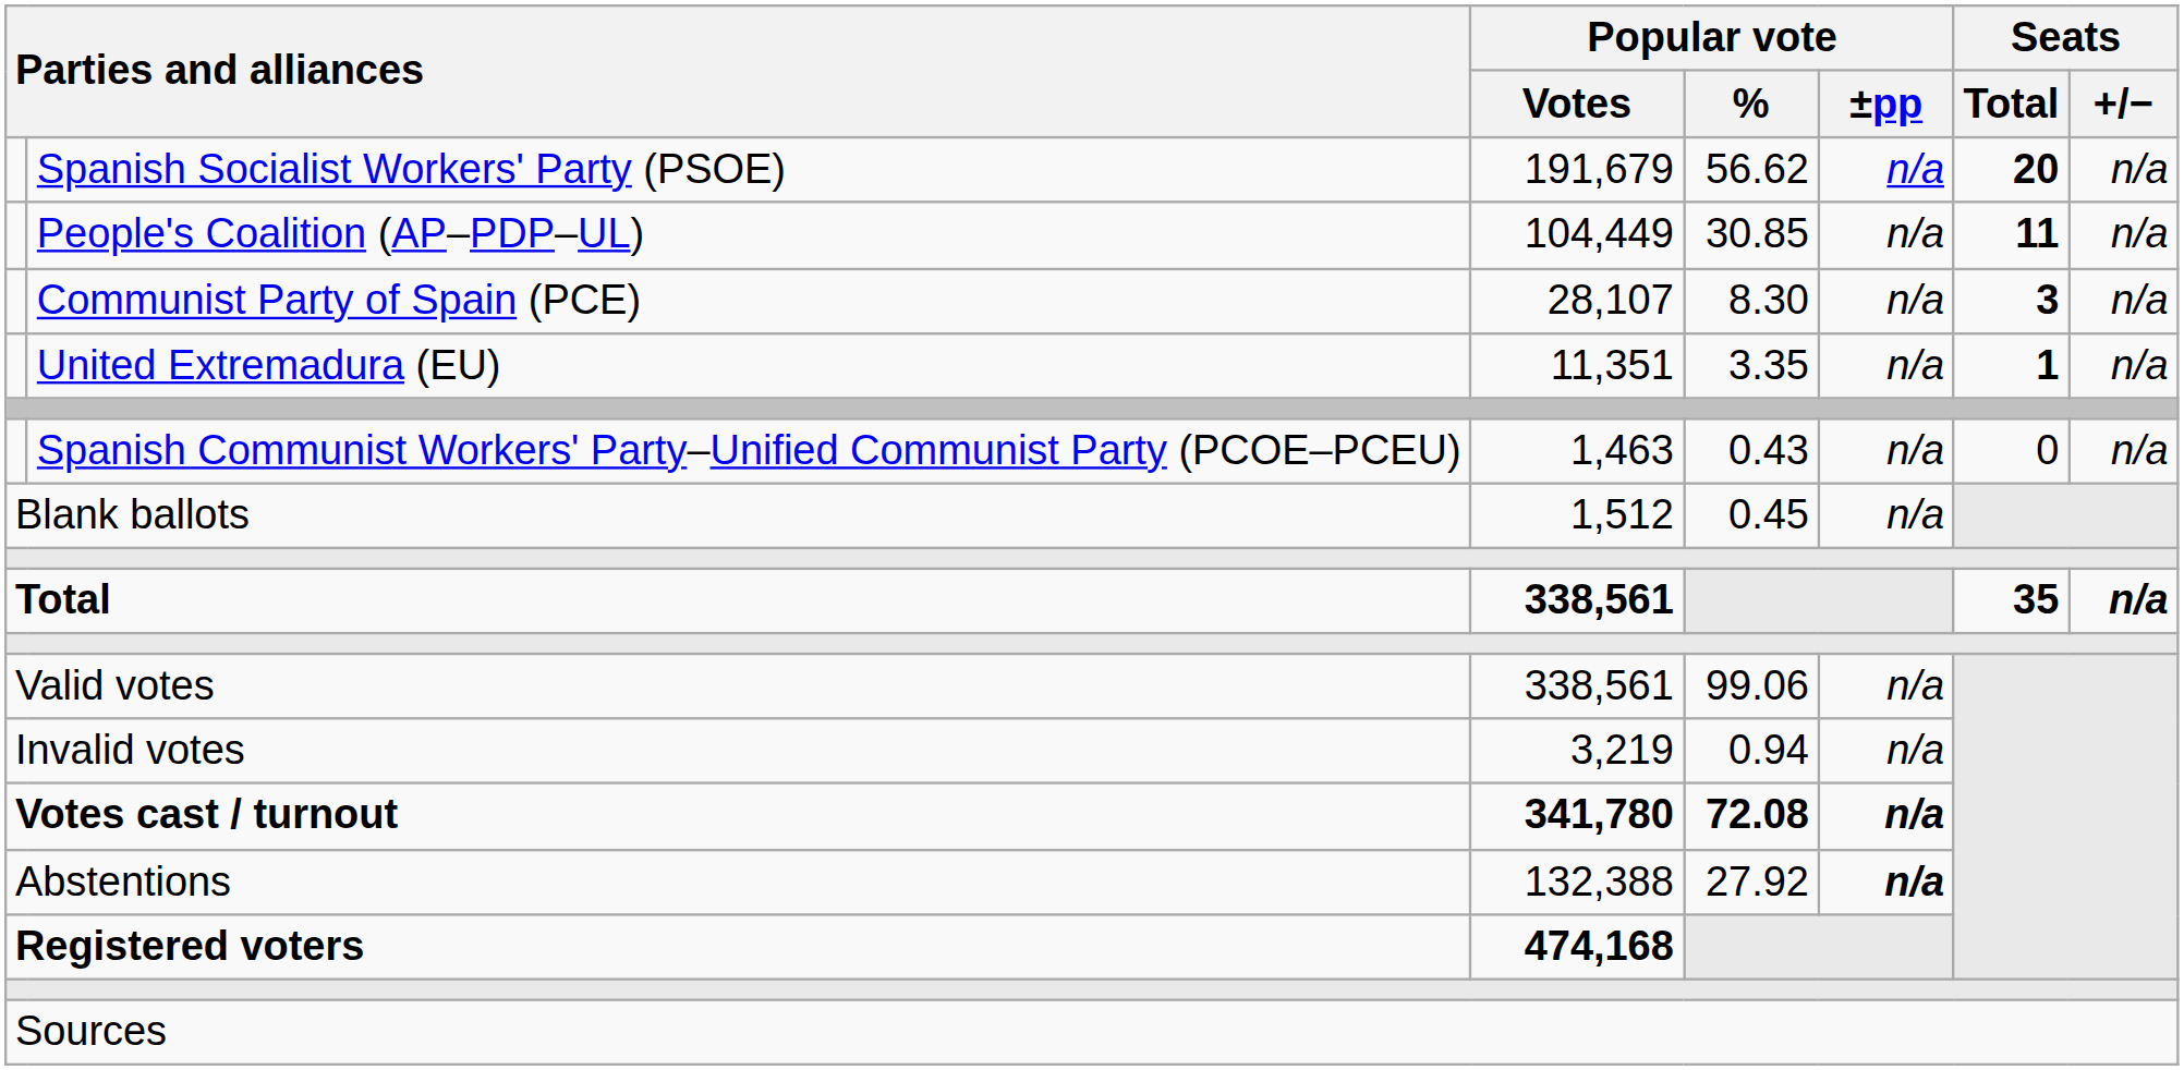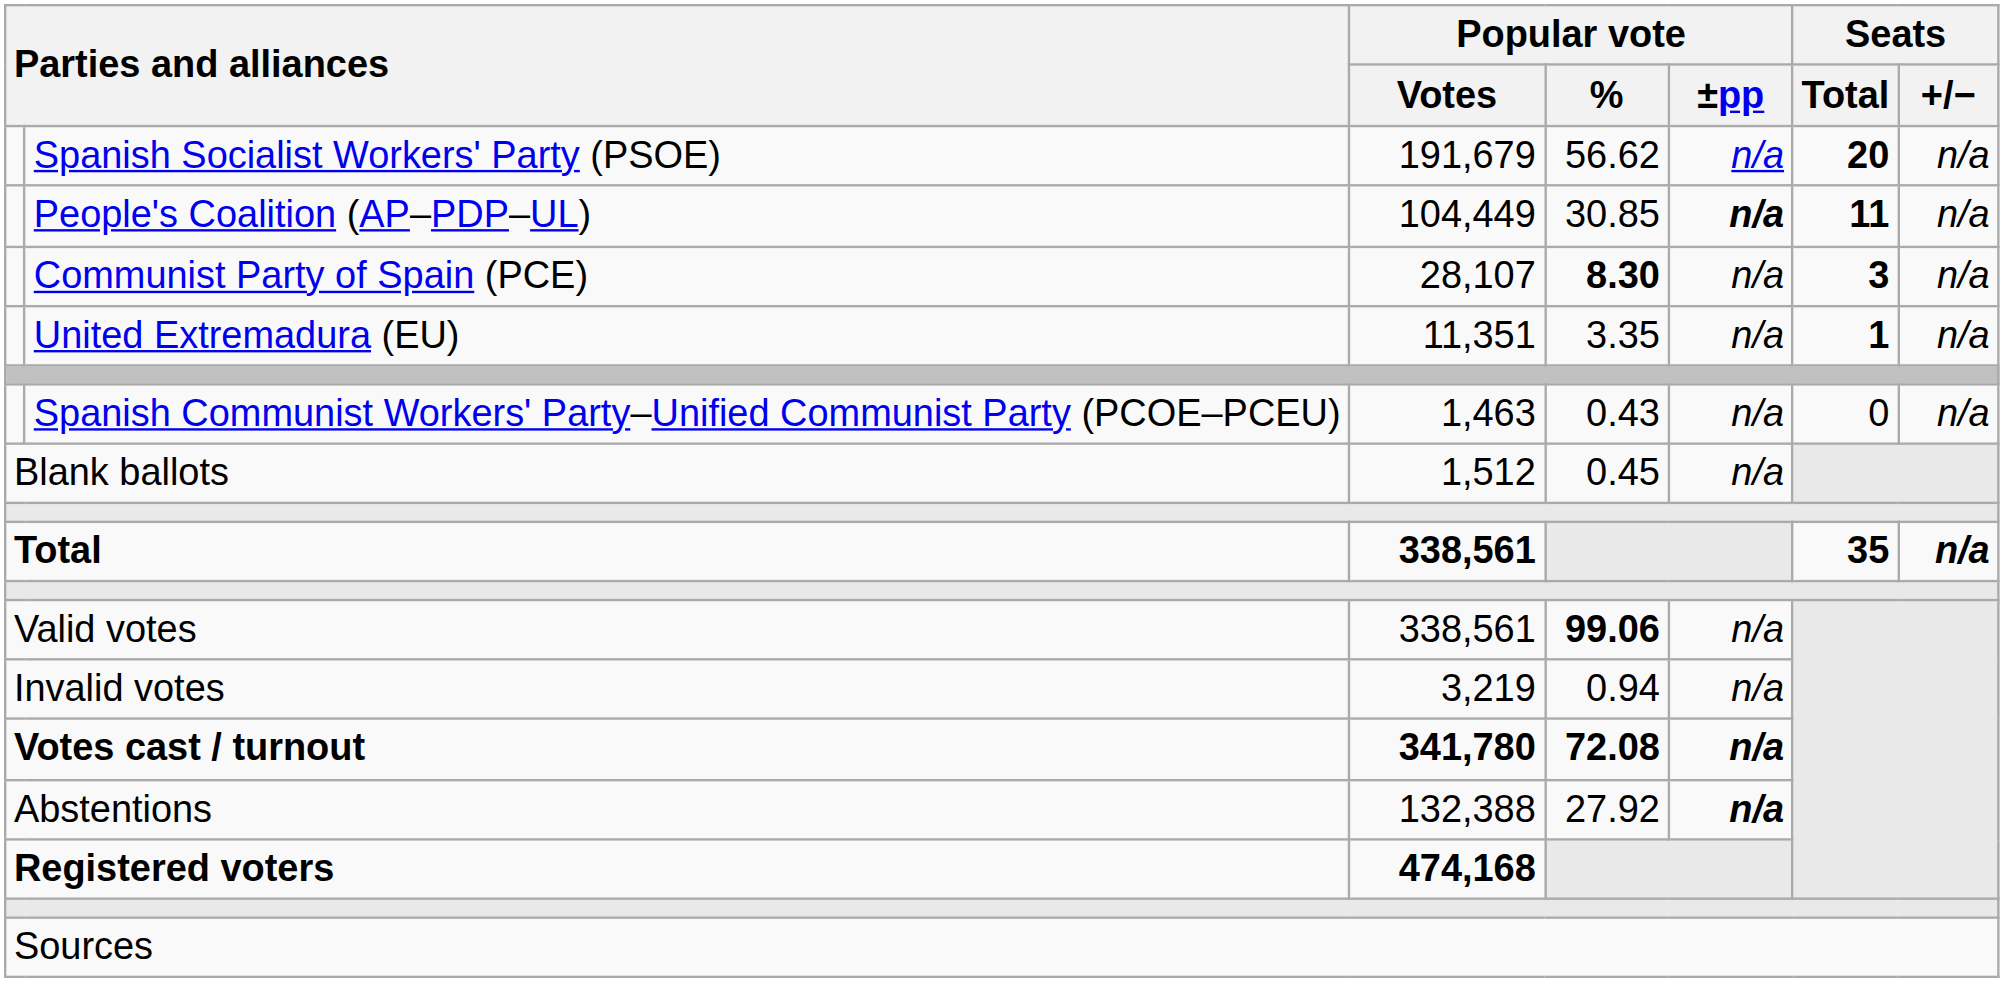 <table class="wikitable" style="text-align:right;">
 <tr>
 <th style="text-align:left;" rowspan="2" colspan="2" width="525">Parties and alliances</th>
 <th colspan="3">Popular vote</th>
 <th colspan="2">Seats</th>
 </tr>
 <tr>
 <th width="75">Votes</th>
 <th width="45">%</th>
 <th width="45">±<a href='#'>pp</a></th>
 <th width="35">Total</th>
 <th width="35">+/−</th>
 </tr>
 <tr>
 <td width="1" style="color:inherit;background:"></td>
 <td align="left"><a href='#'>Spanish Socialist Workers' Party</a> (PSOE)</td>
 <td>191,679</td>
 <td>56.62</td>
 <td><em><a href='#'>n/a</a></em></td>
 <td><strong>20</strong></td>
 <td><em>n/a</em></td>
 </tr>
 <tr>
 <td style="color:inherit;background:"></td>
 <td align="left"><a href='#'>People's Coalition</a> (<a href='#'>AP</a>–<a href='#'>PDP</a>–<a href='#'>UL</a>)</td>
 <td>104,449</td>
 <td>30.85</td>
-<td><em>n/a</em></td>
+<td><strong><em>n/a</em></strong></td>
 <td><strong>11</strong></td>
 <td><em>n/a</em></td>
 </tr>
 <tr>
 <td style="color:inherit;background:"></td>
 <td align="left"><a href='#'>Communist Party of Spain</a> (PCE)</td>
 <td>28,107</td>
-<td>8.30</td>
+<td><strong>8.30</strong></td>
 <td><em>n/a</em></td>
 <td><strong>3</strong></td>
 <td><em>n/a</em></td>
 </tr>
 <tr>
 <td style="color:inherit;background:"></td>
 <td align="left"><a href='#'>United Extremadura</a> (EU)</td>
 <td>11,351</td>
 <td>3.35</td>
 <td><em>n/a</em></td>
 <td><strong>1</strong></td>
 <td><em>n/a</em></td>
 </tr>
 <tr>
 <td colspan="7" bgcolor="#C0C0C0"></td>
 </tr>
 <tr>
 <td style="color:inherit;background:"></td>
 <td align="left"><a href='#'>Spanish Communist Workers' Party</a>–<a href='#'>Unified Communist Party</a> (PCOE–PCEU)</td>
 <td>1,463</td>
 <td>0.43</td>
 <td><em>n/a</em></td>
 <td>0</td>
 <td><em>n/a</em></td>
 </tr>
 <tr>
 <td align="left" colspan="2">Blank ballots</td>
 <td>1,512</td>
 <td>0.45</td>
 <td><em>n/a</em></td>
 <td bgcolor="#E9E9E9" colspan="2"></td>
 </tr>
 <tr>
 <td colspan="7" bgcolor="#E9E9E9"></td>
 </tr>
 <tr style="font-weight:bold;">
 <td align="left" colspan="2">Total</td>
 <td>338,561</td>
 <td bgcolor="#E9E9E9" colspan="2"></td>
 <td>35</td>
 <td><em>n/a</em></td>
 </tr>
 <tr>
 <td colspan="7" bgcolor="#E9E9E9"></td>
 </tr>
 <tr>
 <td align="left" colspan="2">Valid votes</td>
 <td>338,561</td>
-<td>99.06</td>
+<td><strong>99.06</strong></td>
 <td><em>n/a</em></td>
 <td bgcolor="#E9E9E9" colspan="2" rowspan="5"></td>
 </tr>
 <tr>
 <td align="left" colspan="2">Invalid votes</td>
 <td>3,219</td>
 <td>0.94</td>
 <td><em>n/a</em></td>
 </tr>
 <tr style="font-weight:bold;">
 <td align="left" colspan="2">Votes cast / turnout</td>
 <td>341,780</td>
 <td>72.08</td>
 <td><em>n/a</em></td>
 </tr>
 <tr>
 <td align="left" colspan="2">Abstentions</td>
 <td>132,388</td>
 <td>27.92</td>
 <td><strong><em>n/a</em></strong></td>
 </tr>
 <tr style="font-weight:bold;">
 <td align="left" colspan="2">Registered voters</td>
 <td>474,168</td>
 <td bgcolor="#E9E9E9" colspan="2"></td>
 </tr>
 <tr>
 <td colspan="7" bgcolor="#E9E9E9"></td>
 </tr>
 <tr>
 <td align="left" colspan="7">Sources</td>
 </tr>
 </table>
